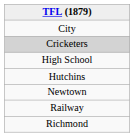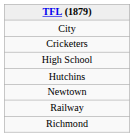 <table class="wikitable" style="text-align:center; width:200px; font-size:100%">
 <tr>
 <th colspan=2 style="background:#efefef;"><strong><a href='#'>TFL</a></strong> (1879)</th>
 </tr>
 <tr>
 <td>City</td>
 </tr>
 <tr>
-<td style="background: lightgrey;">Cricketers</td>
+<td>Cricketers</td>
 </tr>
 <tr>
 <td>High School</td>
 </tr>
 <tr>
 <td>Hutchins</td>
 </tr>
 <tr>
 <td>Newtown</td>
 </tr>
 <tr>
 <td>Railway</td>
 </tr>
 <tr>
 <td>Richmond</td>
 </tr>
 </table>
